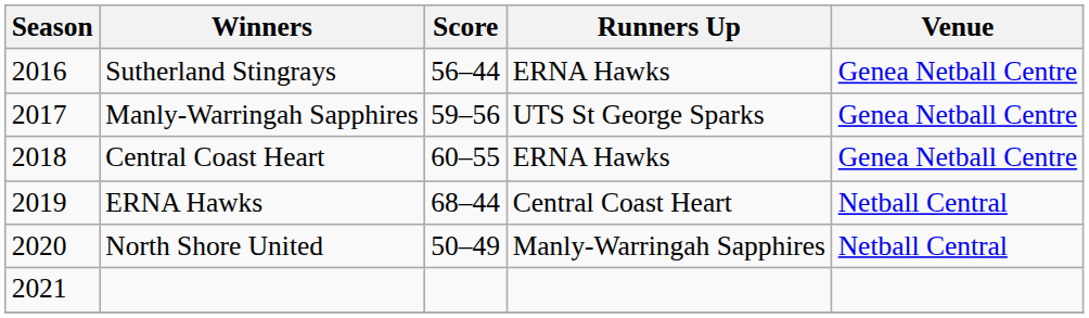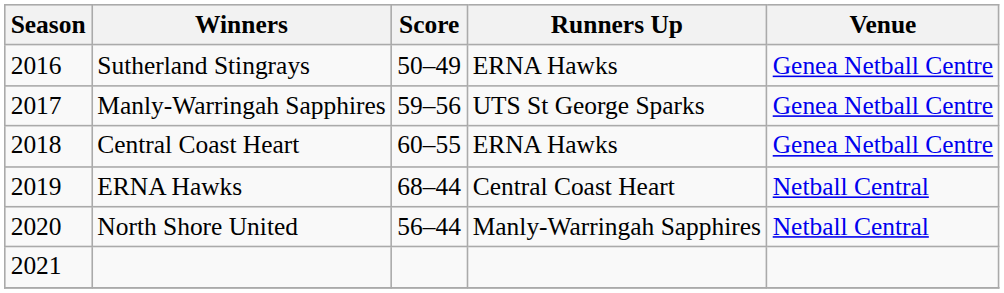 <table class="wikitable collapsible">
 <tr>
 <th>Season</th>
 <th>Winners</th>
 <th>Score</th>
 <th>Runners Up</th>
 <th>Venue</th>
 </tr>
 <tr>
 <td>2016</td>
 <td>Sutherland Stingrays</td>
-<td>56–44</td>
+<td>50–49</td>
 <td>ERNA Hawks</td>
 <td><a href='#'>Genea Netball Centre</a></td>
 </tr>
 <tr>
 <td>2017</td>
 <td>Manly-Warringah Sapphires</td>
 <td>59–56</td>
 <td>UTS St George Sparks</td>
 <td><a href='#'>Genea Netball Centre</a></td>
 </tr>
 <tr>
 <td>2018</td>
 <td>Central Coast Heart</td>
 <td>60–55</td>
 <td>ERNA Hawks</td>
 <td><a href='#'>Genea Netball Centre</a></td>
 </tr>
 <tr>
 <td>2019</td>
 <td>ERNA Hawks</td>
 <td>68–44</td>
 <td>Central Coast Heart</td>
 <td><a href='#'>Netball Central</a></td>
 </tr>
 <tr>
 <td>2020</td>
 <td>North Shore United</td>
-<td>50–49</td>
+<td>56–44</td>
 <td>Manly-Warringah Sapphires</td>
 <td><a href='#'>Netball Central</a></td>
 </tr>
 <tr>
 <td>2021</td>
 <td><em></em></td>
 <td></td>
 <td></td>
 <td></td>
 </tr>
 <tr>
 </tr>
 </table>
